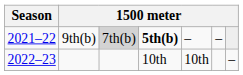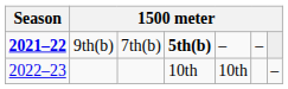 <table class="wikitable" style="display: inline-table;">
 <tr>
 <th>Season</th>
 <th colspan="6">1500 meter</th>
 </tr>
 <tr>
-<td><a href='#'>2021–22</a></td>
+<td><strong><a href='#'>2021–22</a></strong></td>
 <td>9th(b)</td>
-<td style="background: lightgrey;">7th(b)</td>
+<td>7th(b)</td>
 <td><strong>5th(b)</strong></td>
 <td>–</td>
 <td>–</td>
 <td colspan="1" bgcolor=#EEEEEE></td>
 </tr>
 <tr>
 <td><a href='#'>2022–23</a></td>
 <td></td>
 <td></td>
 <td>10th</td>
 <td>10th</td>
 <td></td>
 <td>–</td>
 </tr>
 </table>
